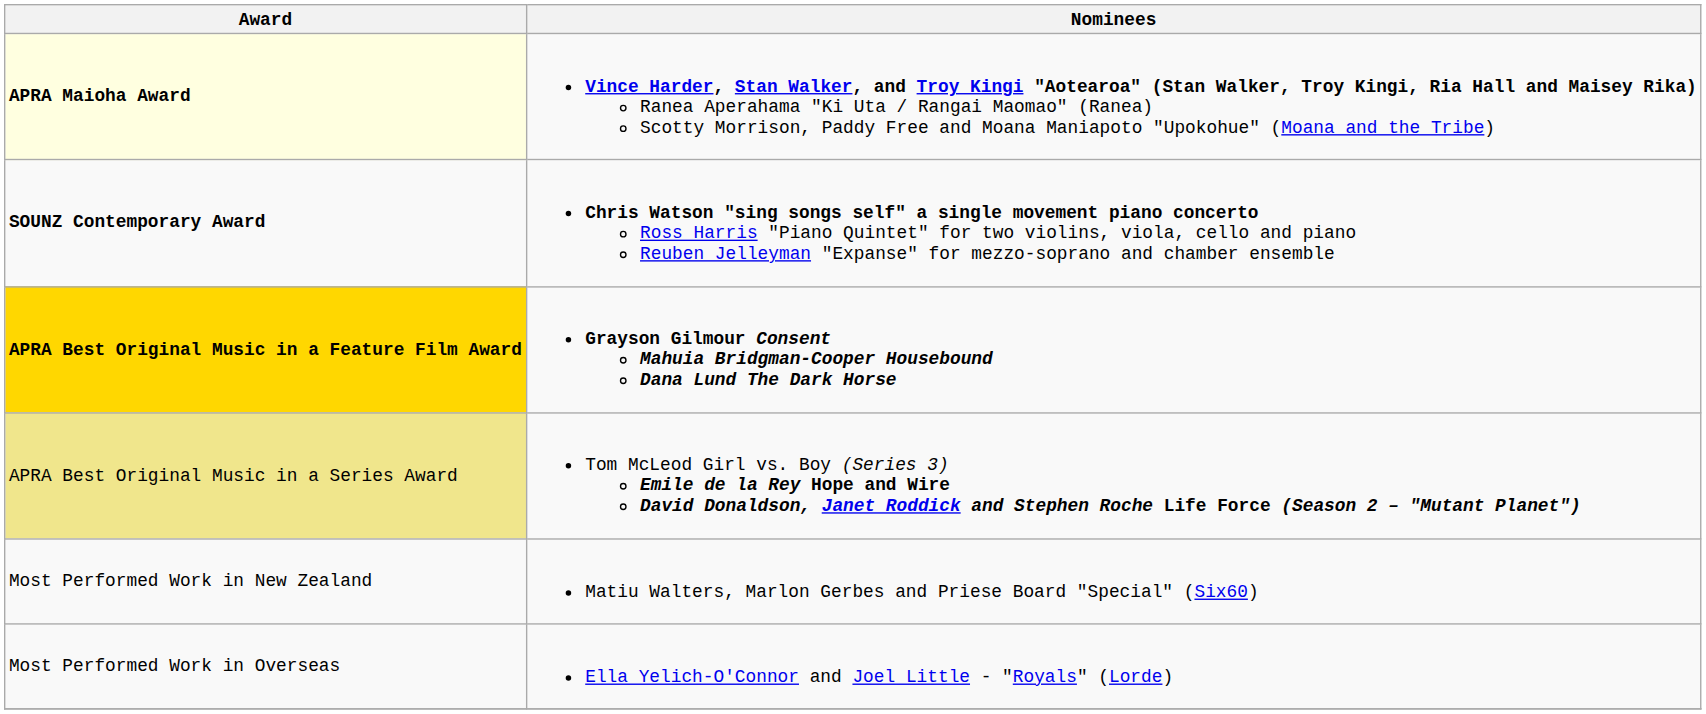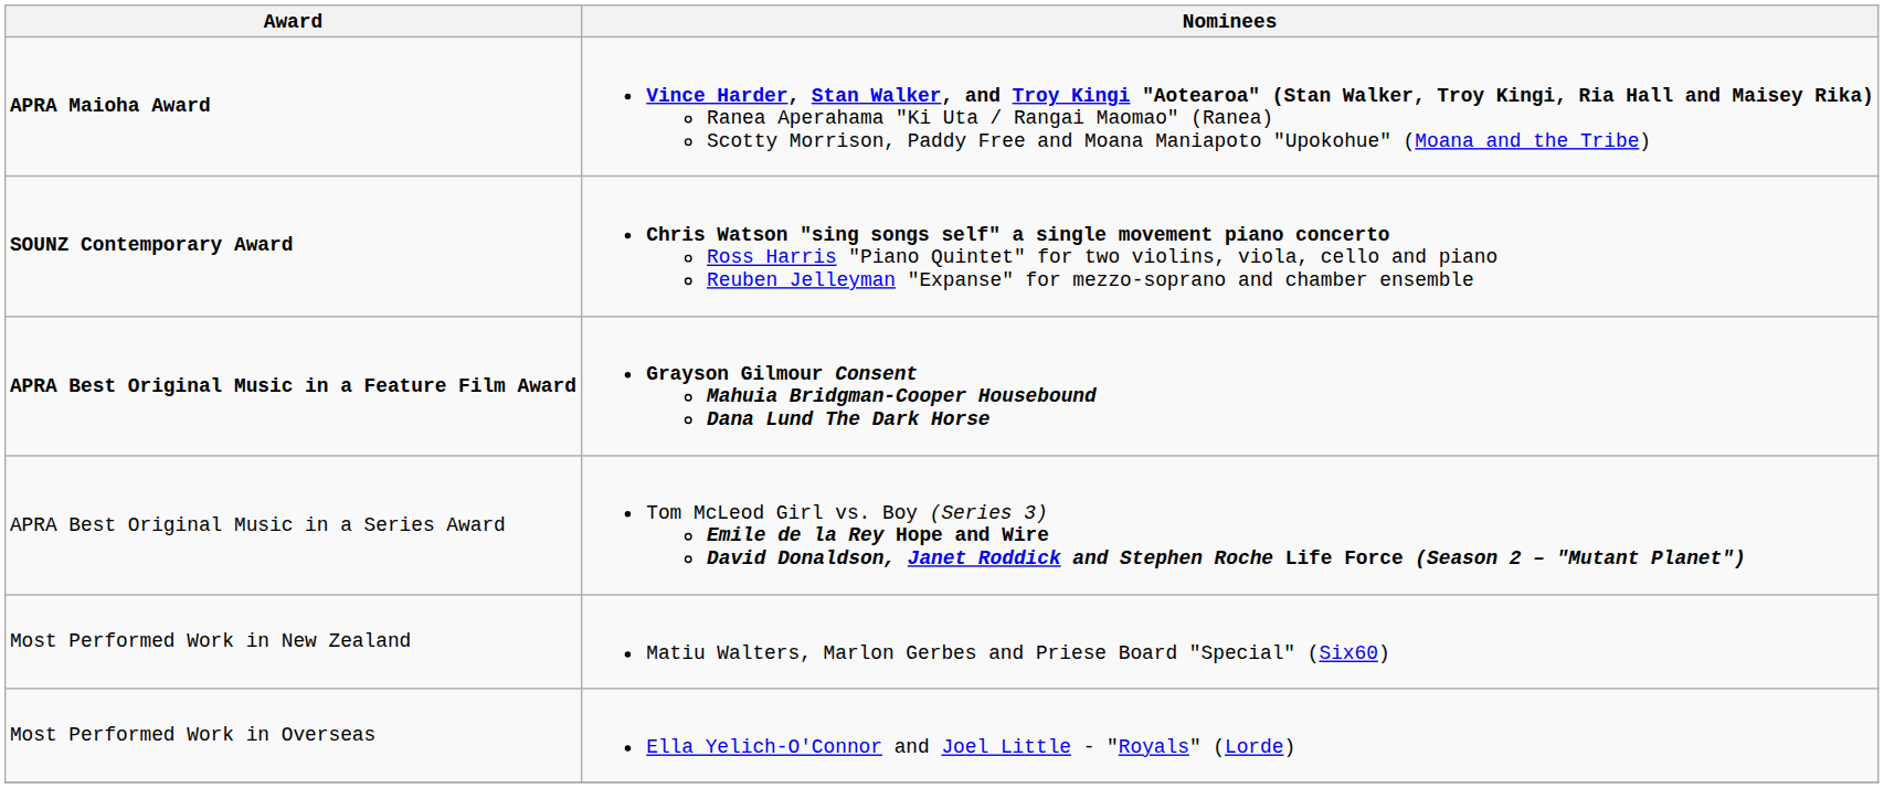 <table class="wikitable">
 <tr>
 <th>Award</th>
 <th>Nominees</th>
 </tr>
 <tr>
-<td style="background: lightyellow;"><strong>APRA Maioha Award</strong></td>
+<td><strong>APRA Maioha Award</strong></td>
 <td><br><ul><li><strong><a href='#'>Vince Harder</a>, <a href='#'>Stan Walker</a>, and <a href='#'>Troy Kingi</a> "Aotearoa" (Stan Walker, Troy Kingi, Ria Hall and Maisey Rika)</strong><ul><li>Ranea Aperahama "Ki Uta / Rangai Maomao" (Ranea)</li><li>Scotty Morrison, Paddy Free and Moana Maniapoto "Upokohue" (<a href='#'>Moana and the Tribe</a>)</li></ul></li></ul></td>
 </tr>
 <tr>
 <td><strong>SOUNZ Contemporary Award</strong></td>
 <td><br><ul><li><strong>Chris Watson "sing songs self" a single movement piano concerto</strong><ul><li><a href='#'>Ross Harris</a> "Piano Quintet" for two violins, viola, cello and piano</li><li><a href='#'>Reuben Jelleyman</a> "Expanse" for mezzo-soprano and chamber ensemble</li></ul></li></ul></td>
 </tr>
 <tr>
-<td style="background: gold;"><strong>APRA Best Original Music in a Feature Film Award</strong></td>
+<td><strong>APRA Best Original Music in a Feature Film Award</strong></td>
 <td><br><ul><li><strong>Grayson Gilmour <em>Consent<strong><em><ul><li>Mahuia Bridgman-Cooper </em>Housebound<em></li><li>Dana Lund </em>The Dark Horse<em></li></ul></li></ul></td>
 </tr>
 <tr>
-<td style="background: khaki;"></strong>APRA Best Original Music in a Series Award<strong></td>
+<td></strong>APRA Best Original Music in a Series Award<strong></td>
 <td><br><ul><li></strong>Tom McLeod </em>Girl vs. Boy<em> (Series 3)<strong><ul><li>Emile de la Rey </em>Hope and Wire<em></li><li>David Donaldson, <a href='#'>Janet Roddick</a> and Stephen Roche </em>Life Force<em> (Season 2 – "Mutant Planet")</li></ul></li></ul></td>
 </tr>
 <tr>
 <td></strong>Most Performed Work in New Zealand<strong></td>
 <td colspan="2"><br><ul><li></strong>Matiu Walters, Marlon Gerbes and Priese Board "Special" (<a href='#'>Six60</a>)<strong></li></ul></td>
 </tr>
 <tr>
 <td></strong>Most Performed Work in Overseas<strong></td>
 <td colspan="2"><br><ul><li></strong><a href='#'>Ella Yelich-O'Connor</a> and <a href='#'>Joel Little</a> - "<a href='#'>Royals</a>" (<a href='#'>Lorde</a>)<strong></li></ul></td>
 </tr>
 <tr>
 </tr>
 </table>
